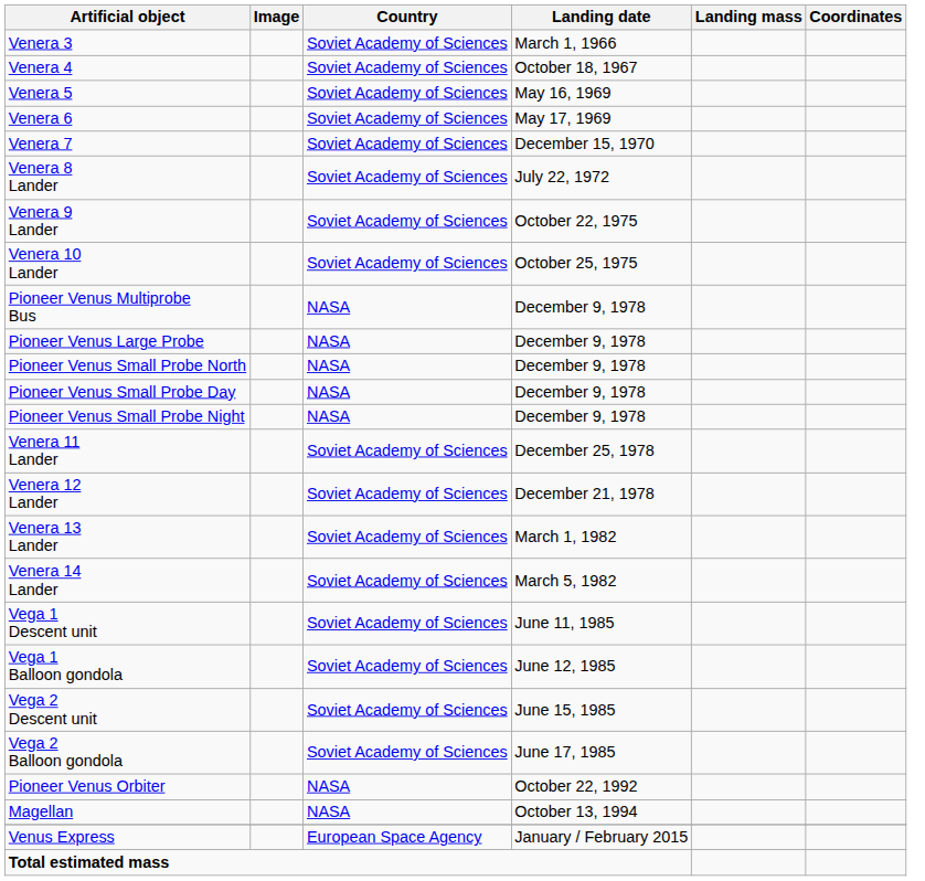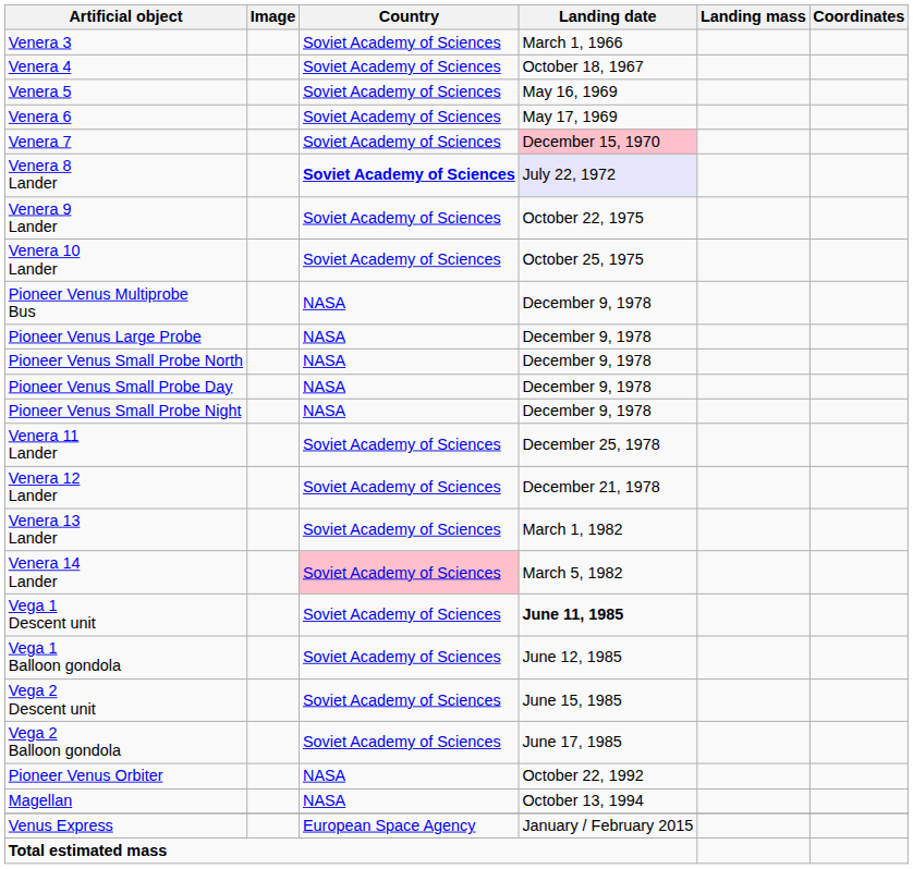 <table class="wikitable sticky-header">
 <tr>
 <th>Artificial object</th>
 <th>Image</th>
 <th>Country</th>
 <th>Landing date</th>
 <th>Landing mass</th>
 <th>Coordinates</th>
 </tr>
 <tr>
 <td><a href='#'>Venera 3</a></td>
 <td></td>
 <td><a href='#'>Soviet Academy of Sciences</a><br></td>
 <td>March 1, 1966</td>
 <td></td>
 <td></td>
 </tr>
 <tr>
 <td><a href='#'>Venera 4</a></td>
 <td></td>
 <td><a href='#'>Soviet Academy of Sciences</a><br></td>
 <td>October 18, 1967</td>
 <td></td>
 <td></td>
 </tr>
 <tr>
 <td><a href='#'>Venera 5</a></td>
 <td></td>
 <td><a href='#'>Soviet Academy of Sciences</a><br></td>
 <td>May 16, 1969</td>
 <td></td>
 <td></td>
 </tr>
 <tr>
 <td><a href='#'>Venera 6</a></td>
 <td></td>
 <td><a href='#'>Soviet Academy of Sciences</a><br></td>
 <td>May 17, 1969</td>
 <td></td>
 <td></td>
 </tr>
 <tr>
 <td><a href='#'>Venera 7</a></td>
 <td></td>
 <td><a href='#'>Soviet Academy of Sciences</a><br></td>
-<td>December 15, 1970</td>
+<td style="background: pink;">December 15, 1970</td>
 <td></td>
 <td></td>
 </tr>
 <tr>
 <td><a href='#'>Venera 8</a><br>Lander</td>
 <td></td>
-<td><a href='#'>Soviet Academy of Sciences</a><br></td>
-<td>July 22, 1972</td>
+<td><strong><a href='#'>Soviet Academy of Sciences</a><br></strong></td>
+<td style="background: lavender;">July 22, 1972</td>
 <td></td>
 <td></td>
 </tr>
 <tr>
 <td><a href='#'>Venera 9</a><br>Lander</td>
 <td></td>
 <td><a href='#'>Soviet Academy of Sciences</a><br></td>
 <td>October 22, 1975</td>
 <td></td>
 <td></td>
 </tr>
 <tr>
 <td><a href='#'>Venera 10</a><br>Lander</td>
 <td></td>
 <td><a href='#'>Soviet Academy of Sciences</a><br></td>
 <td>October 25, 1975</td>
 <td></td>
 <td></td>
 </tr>
 <tr>
 <td><a href='#'>Pioneer Venus Multiprobe</a><br>Bus</td>
 <td></td>
 <td><a href='#'>NASA</a><br></td>
 <td>December 9, 1978</td>
 <td></td>
 <td></td>
 </tr>
 <tr>
 <td><a href='#'>Pioneer Venus Large Probe</a></td>
 <td></td>
 <td><a href='#'>NASA</a><br></td>
 <td>December 9, 1978</td>
 <td></td>
 <td></td>
 </tr>
 <tr>
 <td><a href='#'>Pioneer Venus Small Probe North</a></td>
 <td></td>
 <td><a href='#'>NASA</a><br></td>
 <td>December 9, 1978</td>
 <td></td>
 <td></td>
 </tr>
 <tr>
 <td><a href='#'>Pioneer Venus Small Probe Day</a></td>
 <td></td>
 <td><a href='#'>NASA</a><br></td>
 <td>December 9, 1978</td>
 <td></td>
 <td></td>
 </tr>
 <tr>
 <td><a href='#'>Pioneer Venus Small Probe Night</a></td>
 <td></td>
 <td><a href='#'>NASA</a><br></td>
 <td>December 9, 1978</td>
 <td></td>
 <td></td>
 </tr>
 <tr>
 <td><a href='#'>Venera 11</a><br>Lander</td>
 <td></td>
 <td><a href='#'>Soviet Academy of Sciences</a><br></td>
 <td>December 25, 1978</td>
 <td></td>
 <td></td>
 </tr>
 <tr>
 <td><a href='#'>Venera 12</a><br>Lander</td>
 <td></td>
 <td><a href='#'>Soviet Academy of Sciences</a><br></td>
 <td>December 21, 1978</td>
 <td></td>
 <td></td>
 </tr>
 <tr>
 <td><a href='#'>Venera 13</a><br>Lander</td>
 <td></td>
 <td><a href='#'>Soviet Academy of Sciences</a><br></td>
 <td>March 1, 1982</td>
 <td></td>
 <td></td>
 </tr>
 <tr>
 <td><a href='#'>Venera 14</a><br>Lander</td>
 <td></td>
-<td><a href='#'>Soviet Academy of Sciences</a><br></td>
+<td style="background: pink;"><a href='#'>Soviet Academy of Sciences</a><br></td>
 <td>March 5, 1982</td>
 <td></td>
 <td></td>
 </tr>
 <tr>
 <td><a href='#'>Vega 1</a><br>Descent unit</td>
 <td></td>
 <td><a href='#'>Soviet Academy of Sciences</a><br></td>
-<td>June 11, 1985</td>
+<td><strong>June 11, 1985</strong></td>
 <td></td>
 <td></td>
 </tr>
 <tr>
 <td><a href='#'>Vega 1</a><br>Balloon gondola</td>
 <td></td>
 <td><a href='#'>Soviet Academy of Sciences</a><br></td>
 <td>June 12, 1985</td>
 <td></td>
 <td></td>
 </tr>
 <tr>
 <td><a href='#'>Vega 2</a><br>Descent unit</td>
 <td></td>
 <td><a href='#'>Soviet Academy of Sciences</a><br></td>
 <td>June 15, 1985</td>
 <td></td>
 <td></td>
 </tr>
 <tr>
 <td><a href='#'>Vega 2</a><br>Balloon gondola</td>
 <td></td>
 <td><a href='#'>Soviet Academy of Sciences</a><br></td>
 <td>June 17, 1985</td>
 <td></td>
 <td></td>
 </tr>
 <tr>
 <td><a href='#'>Pioneer Venus Orbiter</a></td>
 <td></td>
 <td><a href='#'>NASA</a><br></td>
 <td>October 22, 1992</td>
 <td></td>
 <td></td>
 </tr>
 <tr>
 <td><a href='#'>Magellan</a></td>
 <td></td>
 <td><a href='#'>NASA</a><br></td>
 <td>October 13, 1994</td>
 <td></td>
 <td></td>
 </tr>
 <tr>
 </tr>
 <tr>
 <td><a href='#'>Venus Express</a></td>
 <td></td>
 <td><a href='#'>European Space Agency</a></td>
 <td>January / February 2015 </td>
 <td></td>
 <td></td>
 </tr>
 <tr>
 <td colspan=4><strong>Total estimated mass</strong></td>
 <td><strong></strong></td>
 <td></td>
 </tr>
 </table>
